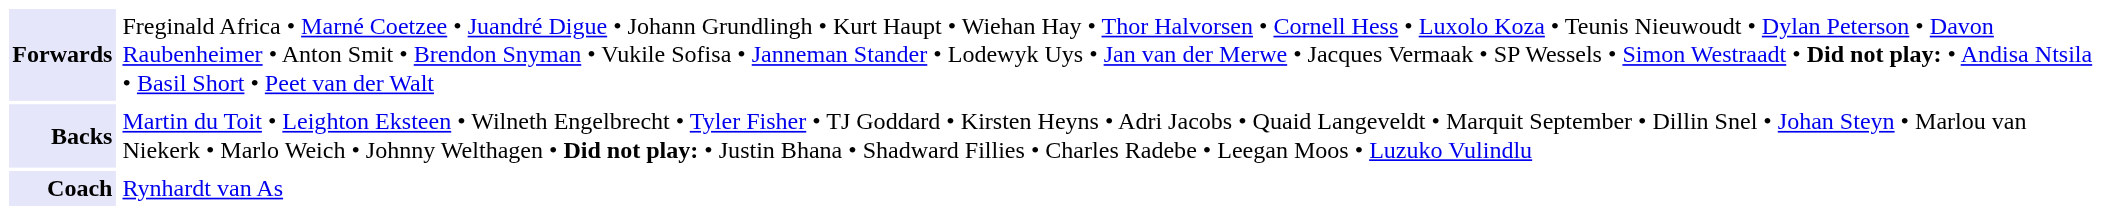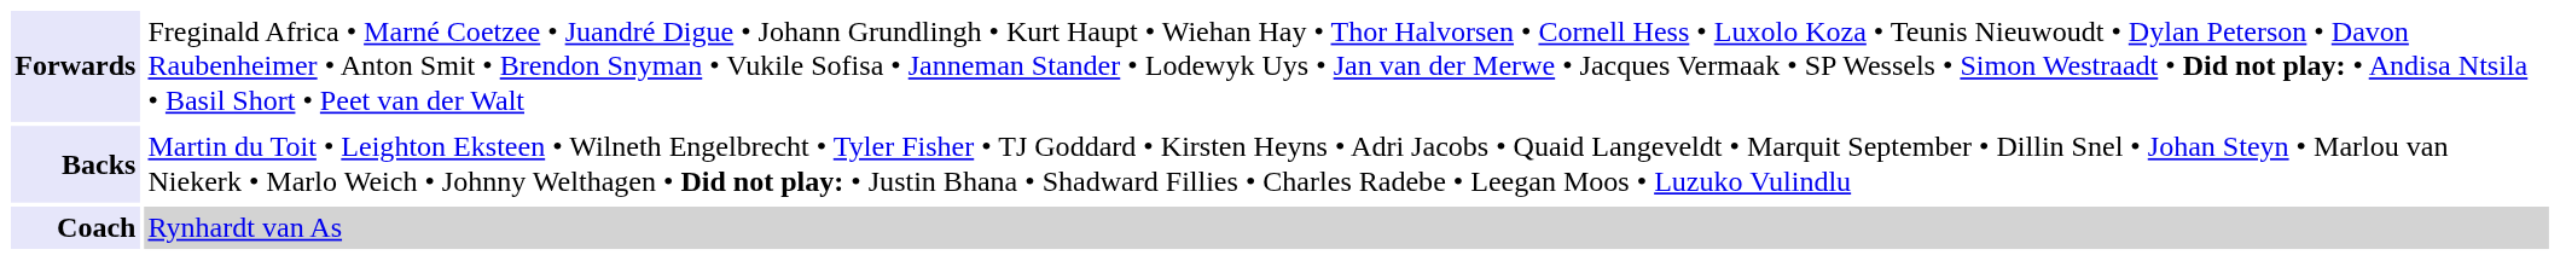 <table cellpadding="2" style="border: 1px solid white; font-size:90%;">
 <tr>
 <td style="text-align:right;" bgcolor="lavender"><strong>Forwards</strong></td>
 <td style="text-align:left;">Freginald Africa • <a href='#'>Marné Coetzee</a> • <a href='#'>Juandré Digue</a> • Johann Grundlingh • Kurt Haupt • Wiehan Hay • <a href='#'>Thor Halvorsen</a> • <a href='#'>Cornell Hess</a> • <a href='#'>Luxolo Koza</a> • Teunis Nieuwoudt • <a href='#'>Dylan Peterson</a> • <a href='#'>Davon Raubenheimer</a> • Anton Smit • <a href='#'>Brendon Snyman</a> • Vukile Sofisa • <a href='#'>Janneman Stander</a> • Lodewyk Uys • <a href='#'>Jan van der Merwe</a> • Jacques Vermaak • SP Wessels • <a href='#'>Simon Westraadt</a> • <strong>Did not play:</strong> • <a href='#'>Andisa Ntsila</a> • <a href='#'>Basil Short</a> • <a href='#'>Peet van der Walt</a></td>
 </tr>
 <tr>
 <td style="text-align:right;" bgcolor="lavender"><strong>Backs</strong></td>
 <td style="text-align:left;"><a href='#'>Martin du Toit</a> • <a href='#'>Leighton Eksteen</a> • Wilneth Engelbrecht • <a href='#'>Tyler Fisher</a> • TJ Goddard • Kirsten Heyns • Adri Jacobs • Quaid Langeveldt • Marquit September • Dillin Snel • <a href='#'>Johan Steyn</a> • Marlou van Niekerk • Marlo Weich • Johnny Welthagen • <strong>Did not play:</strong> • Justin Bhana • Shadward Fillies • Charles Radebe • Leegan Moos • <a href='#'>Luzuko Vulindlu</a></td>
 </tr>
 <tr>
 <td style="text-align:right;" bgcolor="lavender"><strong>Coach</strong></td>
-<td style="text-align:left;"><a href='#'>Rynhardt van As</a></td>
+<td style="background: lightgrey; text-align:left;"><a href='#'>Rynhardt van As</a></td>
 </tr>
 </table>
